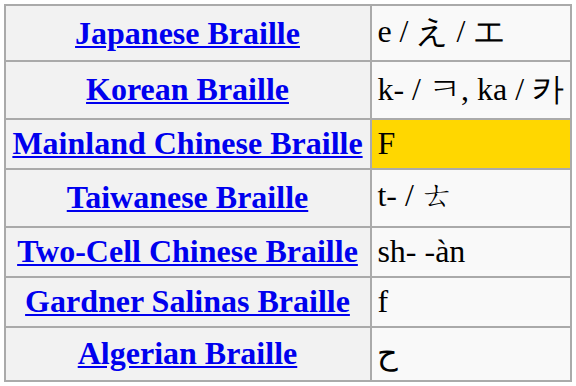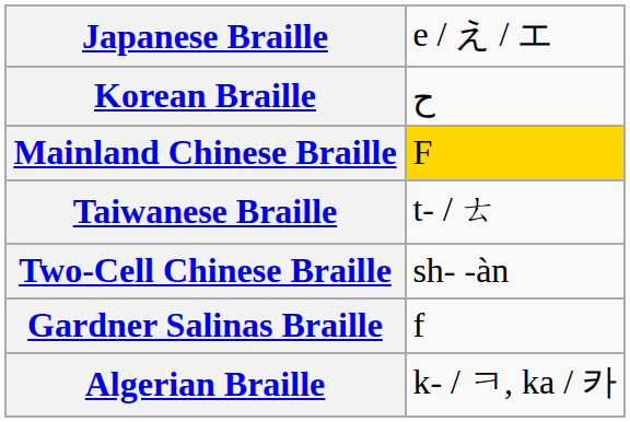 <table class="wikitable">
 <tr>
 <th align=left><a href='#'>Japanese Braille</a></th>
 <td>e / え / エ </td>
 </tr>
 <tr>
 <th align=left><a href='#'>Korean Braille</a></th>
-<td>k- / ㅋ, ka / 카 </td>
+<td>ح ‎</td>
 </tr>
 <tr>
 <th align=left><a href='#'>Mainland Chinese Braille</a></th>
 <td style="background: gold;">F </td>
 </tr>
 <tr>
 <th align=left><a href='#'>Taiwanese Braille</a></th>
 <td>t- / ㄊ</td>
 </tr>
 <tr>
 <th align=left><a href='#'>Two-Cell Chinese Braille</a></th>
 <td>sh- -àn</td>
 </tr>
 <tr>
 </tr>
 <tr>
 <th align=left><a href='#'>Gardner Salinas Braille</a></th>
 <td>f </td>
 </tr>
 <tr>
 <th align=left><a href='#'>Algerian Braille</a></th>
-<td>ح ‎</td>
+<td>k- / ㅋ, ka / 카 </td>
 </tr>
 <tr>
 </tr>
 </table>
